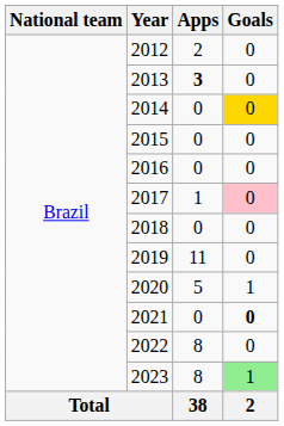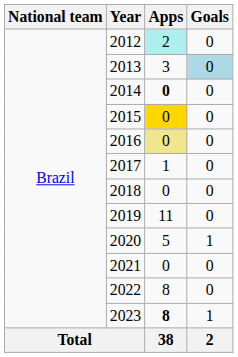 <table class="wikitable" style="text-align:center">
 <tr>
 <th>National team</th>
 <th>Year</th>
 <th>Apps</th>
 <th>Goals</th>
 </tr>
 <tr>
 <td rowspan=12><a href='#'>Brazil</a></td>
 <td>2012</td>
-<td>2</td>
+<td style="background: paleturquoise;">2</td>
 <td>0</td>
 </tr>
 <tr>
 <td>2013</td>
-<td><strong>3</strong></td>
+<td>3</td>
+<td style="background: lightblue;">0</td>
+</tr>
+<tr>
+<td>2014</td>
+<td><strong>0</strong></td>
 <td>0</td>
 </tr>
 <tr>
-<td>2014</td>
-<td>0</td>
+<td>2015</td>
 <td style="background: gold;">0</td>
-</tr>
-<tr>
-<td>2015</td>
-<td>0</td>
 <td>0</td>
 </tr>
 <tr>
 <td>2016</td>
-<td>0</td>
+<td style="background: khaki;">0</td>
 <td>0</td>
 </tr>
 <tr>
 <td>2017</td>
 <td>1</td>
-<td style="background: pink;">0</td>
+<td>0</td>
 </tr>
 <tr>
 <td>2018</td>
 <td>0</td>
 <td>0</td>
 </tr>
 <tr>
 <td>2019</td>
 <td>11</td>
 <td>0</td>
 </tr>
 <tr>
 <td>2020</td>
 <td>5</td>
 <td>1</td>
 </tr>
 <tr>
 <td>2021</td>
 <td>0</td>
-<td><strong>0</strong></td>
+<td>0</td>
 </tr>
 <tr>
 <td>2022</td>
 <td>8</td>
 <td>0</td>
 </tr>
 <tr>
 <td>2023</td>
-<td>8</td>
-<td style="background: lightgreen;">1</td>
+<td><strong>8</strong></td>
+<td>1</td>
 </tr>
 <tr>
 <th colspan=2>Total</th>
 <th>38</th>
 <th>2</th>
 </tr>
 </table>
